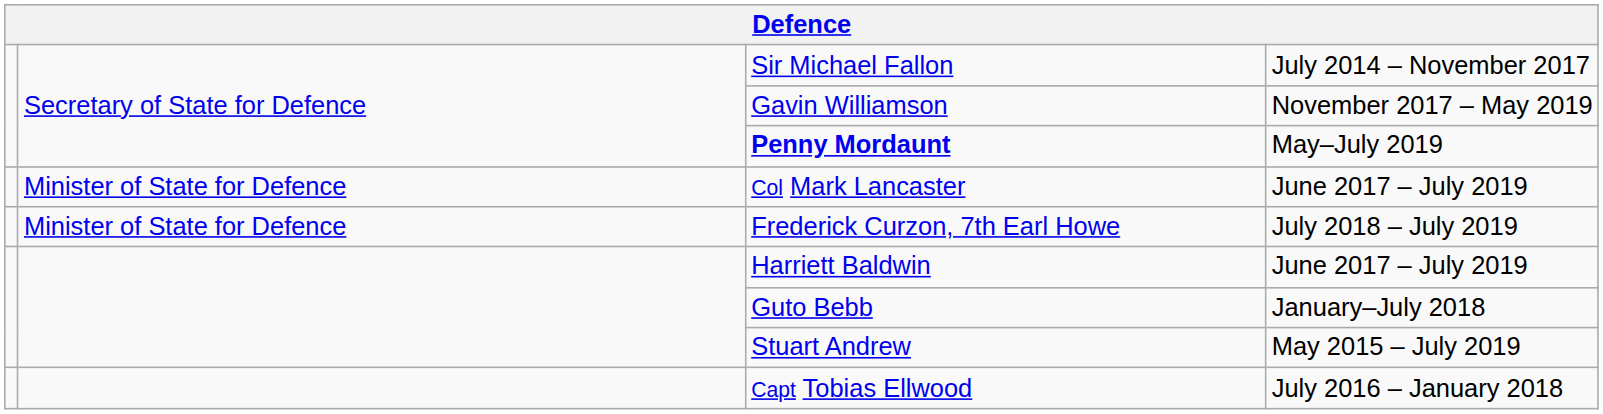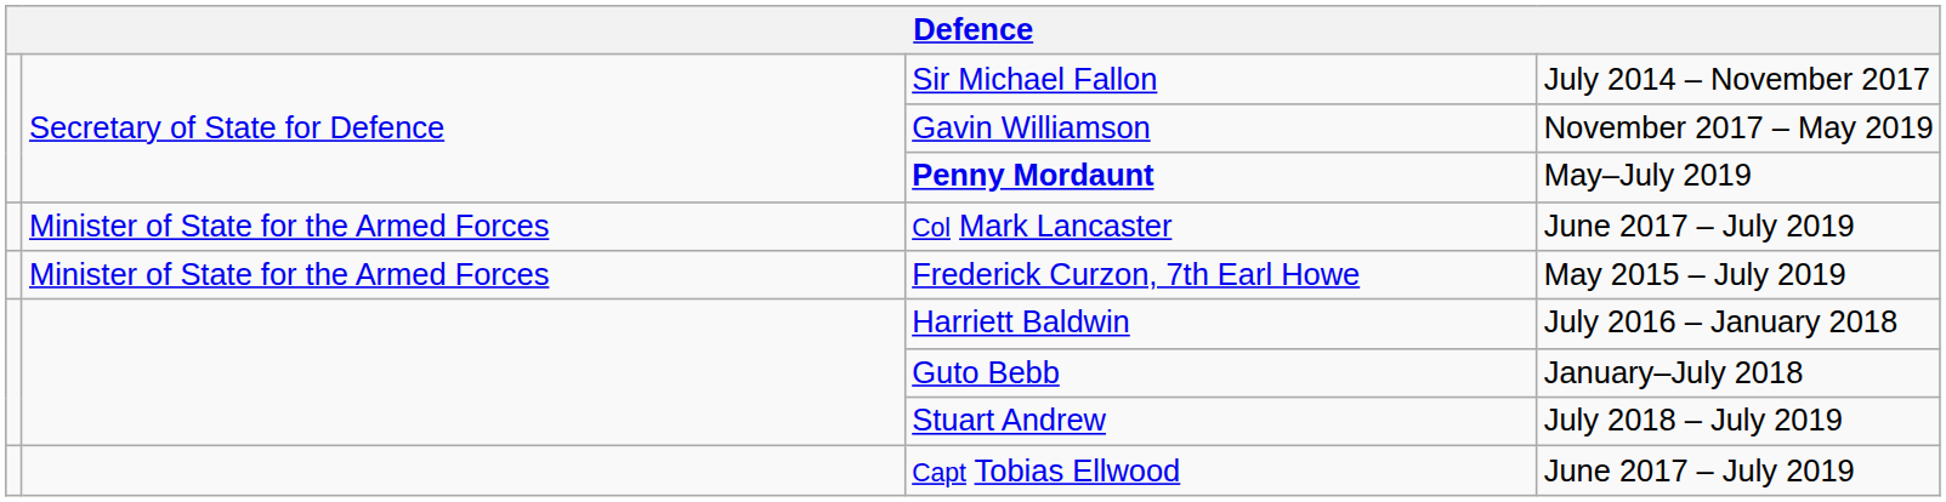 <table class="wikitable">
 <tr>
 <th colspan="4"><a href='#'>Defence</a></th>
 </tr>
 <tr>
 <td rowspan="3" style="width: 1px; background: "></td>
 <td rowspan="3" style="width: 450px;"><a href='#'>Secretary of State for Defence</a></td>
 <td style="width: 320px;"><a href='#'>Sir Michael Fallon</a></td>
 <td>July 2014 – November 2017</td>
 </tr>
 <tr>
 <td><a href='#'>Gavin Williamson</a></td>
 <td>November 2017 – May 2019</td>
 </tr>
 <tr>
 <td><strong><a href='#'>Penny Mordaunt</a></strong> <br></td>
 <td>May–July 2019</td>
 </tr>
 <tr>
 <td style="width: 1px; background: "></td>
-<td><a href='#'>Minister of State for Defence</a></td>
+<td><a href='#'>Minister of State for the Armed Forces</a></td>
 <td><small><a href='#'>Col</a></small> <a href='#'>Mark Lancaster</a></td>
 <td>June 2017 – July 2019</td>
 </tr>
 <tr>
 <td style="width: 1px; background: "></td>
-<td><a href='#'>Minister of State for Defence</a></td>
+<td><a href='#'>Minister of State for the Armed Forces</a></td>
 <td><a href='#'>Frederick Curzon, 7th Earl Howe</a><br></td>
-<td>July 2018 – July 2019</td>
+<td>May 2015 – July 2019</td>
 </tr>
 <tr>
 <td rowspan="3" style="width: 1px; background: "></td>
 <td rowspan="3"></td>
 <td><a href='#'>Harriett Baldwin</a></td>
-<td>June 2017 – July 2019</td>
+<td>July 2016 – January 2018</td>
 </tr>
 <tr>
 <td><a href='#'>Guto Bebb</a></td>
 <td>January–July 2018</td>
 </tr>
 <tr>
 <td><a href='#'>Stuart Andrew</a></td>
-<td>May 2015 – July 2019</td>
+<td>July 2018 – July 2019</td>
 </tr>
 <tr>
 <td style="width: 1px; background: "></td>
 <td></td>
 <td><small><a href='#'>Capt</a></small> <a href='#'>Tobias Ellwood</a></td>
-<td>July 2016 – January 2018</td>
+<td>June 2017 – July 2019</td>
 </tr>
 </table>
